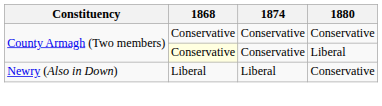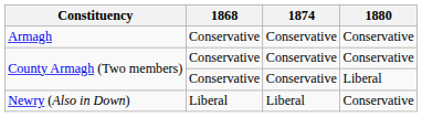 <table class="wikitable">
 <tr>
 <th>Constituency</th>
 <th>1868</th>
 <th>1874</th>
 <th>1880</th>
 </tr>
 <tr>
+<td><a href='#'>Armagh</a></td>
+<td>Conservative</td>
+<td>Conservative</td>
+<td>Conservative</td>
+</tr>
+<tr>
 <td rowspan="2"><a href='#'>County Armagh</a> (Two members)</td>
 <td>Conservative</td>
 <td>Conservative</td>
 <td>Conservative</td>
 </tr>
 <tr>
-<td style="background: lightyellow;">Conservative</td>
+<td>Conservative</td>
 <td>Conservative</td>
 <td>Liberal</td>
 </tr>
 <tr>
 <td><a href='#'>Newry</a> (<em>Also in Down</em>)</td>
 <td>Liberal</td>
 <td>Liberal</td>
 <td>Conservative</td>
 </tr>
 </table>
